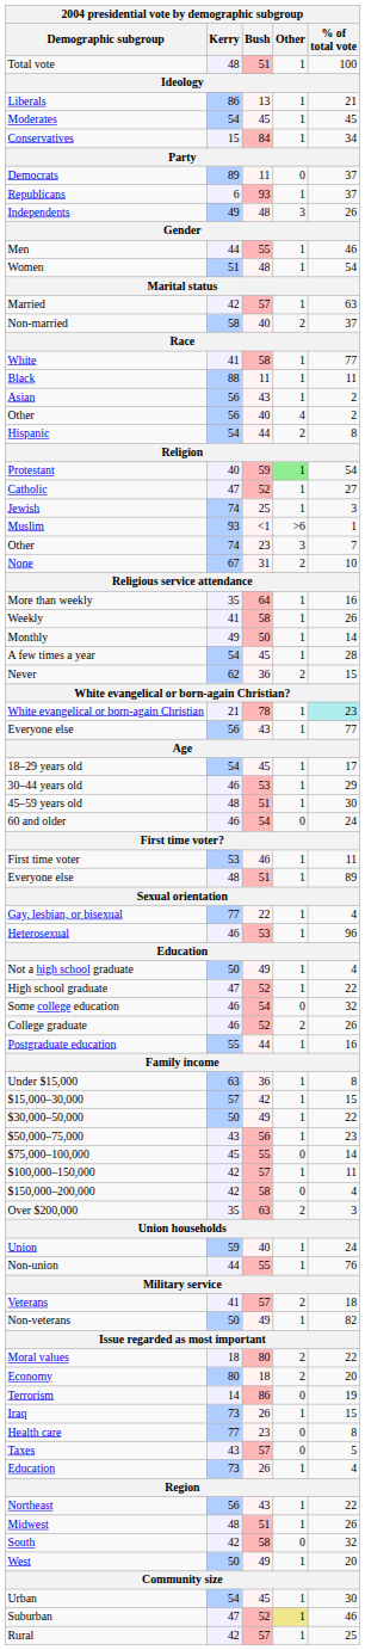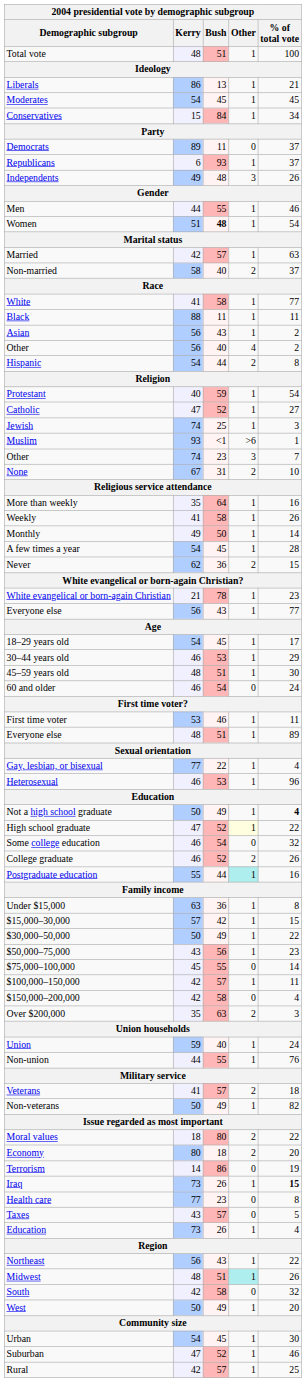 <table class="wikitable">
 <tr>
 <th colspan="8">2004 presidential vote by demographic subgroup</th>
 </tr>
 <tr>
 <th>Demographic subgroup</th>
 <th>Kerry</th>
 <th>Bush</th>
 <th>Other</th>
 <th>% of<br>total vote</th>
 </tr>
 <tr>
 <td>Total vote</td>
 <td style="text-align:right; background:#f0f0ff;">48</td>
 <td style="text-align:right; background:#ffb6b6;">51</td>
 <td style="text-align:right;">1</td>
 <td style="text-align:right;">100</td>
 </tr>
 <tr>
 <th colspan="5">Ideology</th>
 </tr>
 <tr>
 <td><a href='#'>Liberals</a></td>
 <td style="text-align:right; background:#b0ceff;">86</td>
 <td style="text-align:right; background:#fff3f3;">13</td>
 <td style="text-align:right;">1</td>
 <td style="text-align:right;">21</td>
 </tr>
 <tr>
 <td><a href='#'>Moderates</a></td>
 <td style="text-align:right; background:#b0ceff;">54</td>
 <td style="text-align:right; background:#fff3f3;">45</td>
 <td style="text-align:right;">1</td>
 <td style="text-align:right;">45</td>
 </tr>
 <tr>
 <td><a href='#'>Conservatives</a></td>
 <td style="text-align:right; background:#f0f0ff;">15</td>
 <td style="text-align:right; background:#ffb6b6;">84</td>
 <td style="text-align:right;">1</td>
 <td style="text-align:right;">34</td>
 </tr>
 <tr>
 <th colspan="5">Party</th>
 </tr>
 <tr>
 <td><a href='#'>Democrats</a></td>
 <td style="text-align:right; background:#b0ceff;">89</td>
 <td style="text-align:right; background:#fff3f3;">11</td>
 <td style="text-align:right;">0</td>
 <td style="text-align:right;">37</td>
 </tr>
 <tr>
 <td><a href='#'>Republicans</a></td>
 <td style="text-align:right; background:#f0f0ff;">6</td>
 <td style="text-align:right; background:#ffb6b6;">93</td>
 <td style="text-align:right;">1</td>
 <td style="text-align:right;">37</td>
 </tr>
 <tr>
 <td><a href='#'>Independents</a></td>
 <td style="text-align:right; background:#b0ceff;">49</td>
 <td style="text-align:right; background:#fff3f3;">48</td>
 <td style="text-align:right;">3</td>
 <td style="text-align:right;">26</td>
 </tr>
 <tr>
 <th colspan="5">Gender</th>
 </tr>
 <tr>
 <td>Men</td>
 <td style="text-align:right; background:#f0f0ff;">44</td>
 <td style="text-align:right; background:#ffb6b6;">55</td>
 <td style="text-align:right;">1</td>
 <td style="text-align:right;">46</td>
 </tr>
 <tr>
 <td>Women</td>
 <td style="text-align:right; background:#b0ceff;">51</td>
-<td style="text-align:right; background:#fff3f3;">48</td>
+<td style="text-align:right; background:#fff3f3;"><strong>48</strong></td>
 <td style="text-align:right;">1</td>
 <td style="text-align:right;">54</td>
 </tr>
 <tr>
 <th colspan="5">Marital status</th>
 </tr>
 <tr>
 <td>Married</td>
 <td style="text-align:right; background:#f0f0ff;">42</td>
 <td style="text-align:right; background:#ffb6b6;">57</td>
 <td style="text-align:right;">1</td>
 <td style="text-align:right;">63</td>
 </tr>
 <tr>
 <td>Non-married</td>
 <td style="text-align:right; background:#b0ceff;">58</td>
 <td style="text-align:right; background:#fff3f3;">40</td>
 <td style="text-align:right;">2</td>
 <td style="text-align:right;">37</td>
 </tr>
 <tr>
 <th colspan="5">Race</th>
 </tr>
 <tr>
 <td><a href='#'>White</a></td>
 <td style="text-align:right; background:#f0f0ff;">41</td>
 <td style="text-align:right; background:#ffb6b6;">58</td>
 <td style="text-align:right;">1</td>
 <td style="text-align:right;">77</td>
 </tr>
 <tr>
 <td><a href='#'>Black</a></td>
 <td style="text-align:right; background:#b0ceff;">88</td>
 <td style="text-align:right; background:#fff3f3;">11</td>
 <td style="text-align:right;">1</td>
 <td style="text-align:right;">11</td>
 </tr>
 <tr>
 <td><a href='#'>Asian</a></td>
 <td style="text-align:right; background:#b0ceff;">56</td>
 <td style="text-align:right; background:#fff3f3;">43</td>
 <td style="text-align:right;">1</td>
 <td style="text-align:right;">2</td>
 </tr>
 <tr>
 <td>Other</td>
 <td style="text-align:right; background:#b0ceff;">56</td>
 <td style="text-align:right; background:#fff3f3;">40</td>
 <td style="text-align:right;">4</td>
 <td style="text-align:right;">2</td>
 </tr>
 <tr>
 <td><a href='#'>Hispanic</a></td>
 <td style="text-align:right; background:#b0ceff;">54</td>
 <td style="text-align:right; background:#fff3f3;">44</td>
 <td style="text-align:right;">2</td>
 <td style="text-align:right;">8</td>
 </tr>
 <tr>
 <th colspan="5">Religion</th>
 </tr>
 <tr>
 <td><a href='#'>Protestant</a></td>
 <td style="text-align:right; background:#f0f0ff;">40</td>
 <td style="text-align:right; background:#ffb6b6;">59</td>
-<td style="background: lightgreen; text-align:right;">1</td>
+<td style="text-align:right;">1</td>
 <td style="text-align:right;">54</td>
 </tr>
 <tr>
 <td><a href='#'>Catholic</a></td>
 <td style="text-align:right; background:#f0f0ff;">47</td>
 <td style="text-align:right; background:#ffb6b6;">52</td>
 <td style="text-align:right;">1</td>
 <td style="text-align:right;">27</td>
 </tr>
 <tr>
 <td><a href='#'>Jewish</a></td>
 <td style="text-align:right; background:#b0ceff;">74</td>
 <td style="text-align:right; background:#fff3f3;">25</td>
 <td style="text-align:right;">1</td>
 <td style="text-align:right;">3</td>
 </tr>
 <tr>
 <td><a href='#'>Muslim</a></td>
 <td style="text-align:right; background:#b0ceff;">93</td>
 <td style="text-align:right; background:#fff3f3;"><1</td>
 <td style="text-align:right;">>6</td>
 <td style="text-align:right;">1</td>
 </tr>
 <tr>
 <td>Other</td>
 <td style="text-align:right; background:#b0ceff;">74</td>
 <td style="text-align:right; background:#fff3f3;">23</td>
 <td style="text-align:right;">3</td>
 <td style="text-align:right;">7</td>
 </tr>
 <tr>
 <td><a href='#'>None</a></td>
 <td style="text-align:right; background:#b0ceff;">67</td>
 <td style="text-align:right; background:#fff3f3;">31</td>
 <td style="text-align:right;">2</td>
 <td style="text-align:right;">10</td>
 </tr>
 <tr>
 <th colspan="5">Religious service attendance</th>
 </tr>
 <tr>
 <td>More than weekly</td>
 <td style="text-align:right; background:#f0f0ff;">35</td>
 <td style="text-align:right; background:#ffb6b6;">64</td>
 <td style="text-align:right;">1</td>
 <td style="text-align:right;">16</td>
 </tr>
 <tr>
 <td>Weekly</td>
 <td style="text-align:right; background:#f0f0ff;">41</td>
 <td style="text-align:right; background:#ffb6b6;">58</td>
 <td style="text-align:right;">1</td>
 <td style="text-align:right;">26</td>
 </tr>
 <tr>
 <td>Monthly</td>
 <td style="text-align:right; background:#f0f0ff;">49</td>
 <td style="text-align:right; background:#ffb6b6;">50</td>
 <td style="text-align:right;">1</td>
 <td style="text-align:right;">14</td>
 </tr>
 <tr>
 <td>A few times a year</td>
 <td style="text-align:right; background:#b0ceff;">54</td>
 <td style="text-align:right; background:#fff3f3;">45</td>
 <td style="text-align:right;">1</td>
 <td style="text-align:right;">28</td>
 </tr>
 <tr>
 <td>Never</td>
 <td style="text-align:right; background:#b0ceff;">62</td>
 <td style="text-align:right; background:#fff3f3;">36</td>
 <td style="text-align:right;">2</td>
 <td style="text-align:right;">15</td>
 </tr>
 <tr>
 <th colspan="5">White evangelical or born-again Christian?</th>
 </tr>
 <tr>
 <td><a href='#'>White evangelical or born-again Christian</a></td>
 <td style="text-align:right; background:#f0f0ff;">21</td>
 <td style="text-align:right; background:#ffb6b6;">78</td>
 <td style="text-align:right;">1</td>
-<td style="background: paleturquoise; text-align:right;">23</td>
+<td style="text-align:right;">23</td>
 </tr>
 <tr>
 <td>Everyone else</td>
 <td style="text-align:right; background:#b0ceff;">56</td>
 <td style="text-align:right; background:#fff3f3;">43</td>
 <td style="text-align:right;">1</td>
 <td style="text-align:right;">77</td>
 </tr>
 <tr>
 <th colspan="5">Age</th>
 </tr>
 <tr>
 <td>18–29 years old</td>
 <td style="text-align:right; background:#b0ceff;">54</td>
 <td style="text-align:right; background:#fff3f3;">45</td>
 <td style="text-align:right;">1</td>
 <td style="text-align:right;">17</td>
 </tr>
 <tr>
 <td>30–44 years old</td>
 <td style="text-align:right; background:#f0f0ff;">46</td>
 <td style="text-align:right; background:#ffb6b6;">53</td>
 <td style="text-align:right;">1</td>
 <td style="text-align:right;">29</td>
 </tr>
 <tr>
 <td>45–59 years old</td>
 <td style="text-align:right; background:#f0f0ff;">48</td>
 <td style="text-align:right; background:#ffb6b6;">51</td>
 <td style="text-align:right;">1</td>
 <td style="text-align:right;">30</td>
 </tr>
 <tr>
 <td>60 and older</td>
 <td style="text-align:right; background:#f0f0ff;">46</td>
 <td style="text-align:right; background:#ffb6b6;">54</td>
 <td style="text-align:right;">0</td>
 <td style="text-align:right;">24</td>
 </tr>
 <tr>
 <th colspan="5">First time voter?</th>
 </tr>
 <tr>
 <td>First time voter</td>
 <td style="text-align:right; background:#b0ceff;">53</td>
 <td style="text-align:right; background:#fff3f3;">46</td>
 <td style="text-align:right;">1</td>
 <td style="text-align:right;">11</td>
 </tr>
 <tr>
 <td>Everyone else</td>
 <td style="text-align:right; background:#f0f0ff;">48</td>
 <td style="text-align:right; background:#ffb6b6;">51</td>
 <td style="text-align:right;">1</td>
 <td style="text-align:right;">89</td>
 </tr>
 <tr>
 <th colspan="5">Sexual orientation</th>
 </tr>
 <tr>
 <td><a href='#'>Gay, lesbian, or bisexual</a></td>
 <td style="text-align:right; background:#b0ceff;">77</td>
 <td style="text-align:right; background:#fff3f3;">22</td>
 <td style="text-align:right;">1</td>
 <td style="text-align:right;">4</td>
 </tr>
 <tr>
 <td><a href='#'>Heterosexual</a></td>
 <td style="text-align:right; background:#f0f0ff;">46</td>
 <td style="text-align:right; background:#ffb6b6;">53</td>
 <td style="text-align:right;">1</td>
 <td style="text-align:right;">96</td>
 </tr>
 <tr>
 <th colspan="5">Education</th>
 </tr>
 <tr>
 <td>Not a <a href='#'>high school</a> graduate</td>
 <td style="text-align:right; background:#b0ceff;">50</td>
 <td style="text-align:right; background:#fff3f3;">49</td>
 <td style="text-align:right;">1</td>
-<td style="text-align:right;">4</td>
+<td style="text-align:right;"><strong>4</strong></td>
 </tr>
 <tr>
 <td>High school graduate</td>
 <td style="text-align:right; background:#f0f0ff;">47</td>
 <td style="text-align:right; background:#ffb6b6;">52</td>
-<td style="text-align:right;">1</td>
+<td style="background: lightyellow; text-align:right;">1</td>
 <td style="text-align:right;">22</td>
 </tr>
 <tr>
 <td>Some <a href='#'>college</a> education</td>
 <td style="text-align:right; background:#f0f0ff;">46</td>
 <td style="text-align:right; background:#ffb6b6;">54</td>
 <td style="text-align:right;">0</td>
 <td style="text-align:right;">32</td>
 </tr>
 <tr>
 <td>College graduate</td>
 <td style="text-align:right; background:#f0f0ff;">46</td>
 <td style="text-align:right; background:#ffb6b6;">52</td>
 <td style="text-align:right;">2</td>
 <td style="text-align:right;">26</td>
 </tr>
 <tr>
 <td><a href='#'>Postgraduate education</a></td>
 <td style="text-align:right; background:#b0ceff;">55</td>
 <td style="text-align:right; background:#fff3f3;">44</td>
-<td style="text-align:right;">1</td>
+<td style="background: paleturquoise; text-align:right;">1</td>
 <td style="text-align:right;">16</td>
 </tr>
 <tr>
 <th colspan="5">Family income</th>
 </tr>
 <tr>
 <td>Under $15,000</td>
 <td style="text-align:right; background:#b0ceff;">63</td>
 <td style="text-align:right; background:#fff3f3;">36</td>
 <td style="text-align:right;">1</td>
 <td style="text-align:right;">8</td>
 </tr>
 <tr>
 <td>$15,000–30,000</td>
 <td style="text-align:right; background:#b0ceff;">57</td>
 <td style="text-align:right; background:#fff3f3;">42</td>
 <td style="text-align:right;">1</td>
 <td style="text-align:right;">15</td>
 </tr>
 <tr>
 <td>$30,000–50,000</td>
 <td style="text-align:right; background:#b0ceff;">50</td>
 <td style="text-align:right; background:#fff3f3;">49</td>
 <td style="text-align:right;">1</td>
 <td style="text-align:right;">22</td>
 </tr>
 <tr>
 <td>$50,000–75,000</td>
 <td style="text-align:right; background:#f0f0ff;">43</td>
 <td style="text-align:right; background:#ffb6b6;">56</td>
 <td style="text-align:right;">1</td>
 <td style="text-align:right;">23</td>
 </tr>
 <tr>
 <td>$75,000–100,000</td>
 <td style="text-align:right; background:#f0f0ff;">45</td>
 <td style="text-align:right; background:#ffb6b6;">55</td>
 <td style="text-align:right;">0</td>
 <td style="text-align:right;">14</td>
 </tr>
 <tr>
 <td>$100,000–150,000</td>
 <td style="text-align:right; background:#f0f0ff;">42</td>
 <td style="text-align:right; background:#ffb6b6;">57</td>
 <td style="text-align:right;">1</td>
 <td style="text-align:right;">11</td>
 </tr>
 <tr>
 <td>$150,000–200,000</td>
 <td style="text-align:right; background:#f0f0ff;">42</td>
 <td style="text-align:right; background:#ffb6b6;">58</td>
 <td style="text-align:right;">0</td>
 <td style="text-align:right;">4</td>
 </tr>
 <tr>
 <td>Over $200,000</td>
 <td style="text-align:right; background:#f0f0ff;">35</td>
 <td style="text-align:right; background:#ffb6b6;">63</td>
 <td style="text-align:right;">2</td>
 <td style="text-align:right;">3</td>
 </tr>
 <tr>
 <th colspan="5">Union households</th>
 </tr>
 <tr>
 <td><a href='#'>Union</a></td>
 <td style="text-align:right; background:#b0ceff;">59</td>
 <td style="text-align:right; background:#fff3f3;">40</td>
 <td style="text-align:right;">1</td>
 <td style="text-align:right;">24</td>
 </tr>
 <tr>
 <td>Non-union</td>
 <td style="text-align:right; background:#f0f0ff;">44</td>
 <td style="text-align:right; background:#ffb6b6;">55</td>
 <td style="text-align:right;">1</td>
 <td style="text-align:right;">76</td>
 </tr>
 <tr>
 <th colspan="5">Military service</th>
 </tr>
 <tr>
 <td><a href='#'>Veterans</a></td>
 <td style="text-align:right; background:#f0f0ff;">41</td>
 <td style="text-align:right; background:#ffb6b6;">57</td>
 <td style="text-align:right;">2</td>
 <td style="text-align:right;">18</td>
 </tr>
 <tr>
 <td>Non-veterans</td>
 <td style="text-align:right; background:#b0ceff;">50</td>
 <td style="text-align:right; background:#fff3f3;">49</td>
 <td style="text-align:right;">1</td>
 <td style="text-align:right;">82</td>
 </tr>
 <tr>
 <th colspan="5">Issue regarded as most important</th>
 </tr>
 <tr>
 <td><a href='#'>Moral values</a></td>
 <td style="text-align:right; background:#f0f0ff;">18</td>
 <td style="text-align:right; background:#ffb6b6;">80</td>
 <td style="text-align:right;">2</td>
 <td style="text-align:right;">22</td>
 </tr>
 <tr>
 <td><a href='#'>Economy</a></td>
 <td style="text-align:right; background:#b0ceff;">80</td>
 <td style="text-align:right; background:#fff3f3;">18</td>
 <td style="text-align:right;">2</td>
 <td style="text-align:right;">20</td>
 </tr>
 <tr>
 <td><a href='#'>Terrorism</a></td>
 <td style="text-align:right; background:#f0f0ff;">14</td>
 <td style="text-align:right; background:#ffb6b6;">86</td>
 <td style="text-align:right;">0</td>
 <td style="text-align:right;">19</td>
 </tr>
 <tr>
 <td><a href='#'>Iraq</a></td>
 <td style="text-align:right; background:#b0ceff;">73</td>
 <td style="text-align:right; background:#fff3f3;">26</td>
 <td style="text-align:right;">1</td>
-<td style="text-align:right;">15</td>
+<td style="text-align:right;"><strong>15</strong></td>
 </tr>
 <tr>
 <td><a href='#'>Health care</a></td>
 <td style="text-align:right; background:#b0ceff;">77</td>
 <td style="text-align:right; background:#fff3f3;">23</td>
 <td style="text-align:right;">0</td>
 <td style="text-align:right;">8</td>
 </tr>
 <tr>
 <td><a href='#'>Taxes</a></td>
 <td style="text-align:right; background:#f0f0ff;">43</td>
 <td style="text-align:right; background:#ffb6b6;">57</td>
 <td style="text-align:right;">0</td>
 <td style="text-align:right;">5</td>
 </tr>
 <tr>
 <td><a href='#'>Education</a></td>
 <td style="text-align:right; background:#b0ceff;">73</td>
 <td style="text-align:right; background:#fff3f3;">26</td>
 <td style="text-align:right;">1</td>
 <td style="text-align:right;">4</td>
 </tr>
 <tr>
 <th colspan="5">Region</th>
 </tr>
 <tr>
 <td><a href='#'>Northeast</a></td>
 <td style="text-align:right; background:#b0ceff;">56</td>
 <td style="text-align:right; background:#fff3f3;">43</td>
 <td style="text-align:right;">1</td>
 <td style="text-align:right;">22</td>
 </tr>
 <tr>
 <td><a href='#'>Midwest</a></td>
 <td style="text-align:right; background:#f0f0ff;">48</td>
 <td style="text-align:right; background:#ffb6b6;">51</td>
-<td style="text-align:right;">1</td>
+<td style="background: paleturquoise; text-align:right;">1</td>
 <td style="text-align:right;">26</td>
 </tr>
 <tr>
 <td><a href='#'>South</a></td>
 <td style="text-align:right; background:#f0f0ff;">42</td>
 <td style="text-align:right; background:#ffb6b6;">58</td>
 <td style="text-align:right;">0</td>
 <td style="text-align:right;">32</td>
 </tr>
 <tr>
 <td><a href='#'>West</a></td>
 <td style="text-align:right; background:#b0ceff;">50</td>
 <td style="text-align:right; background:#fff3f3;">49</td>
 <td style="text-align:right;">1</td>
 <td style="text-align:right;">20</td>
 </tr>
 <tr>
 <th colspan="5">Community size</th>
 </tr>
 <tr>
 <td>Urban</td>
 <td style="text-align:right; background:#b0ceff;">54</td>
 <td style="text-align:right; background:#fff3f3;">45</td>
 <td style="text-align:right;">1</td>
 <td style="text-align:right;">30</td>
 </tr>
 <tr>
 <td>Suburban</td>
 <td style="text-align:right; background:#f0f0ff;">47</td>
 <td style="text-align:right; background:#ffb6b6;">52</td>
-<td style="background: khaki; text-align:right;">1</td>
+<td style="text-align:right;">1</td>
 <td style="text-align:right;">46</td>
 </tr>
 <tr>
 <td>Rural</td>
 <td style="text-align:right; background:#f0f0ff;">42</td>
 <td style="text-align:right; background:#ffb6b6;">57</td>
 <td style="text-align:right;">1</td>
 <td style="text-align:right;">25</td>
 </tr>
 </table>
